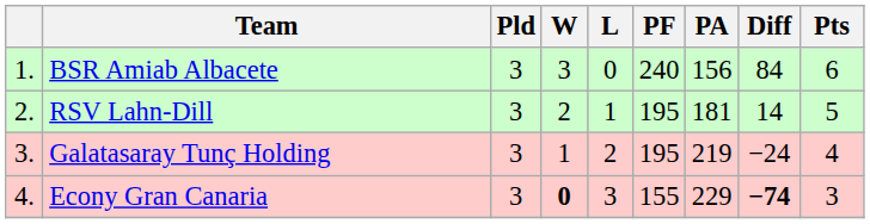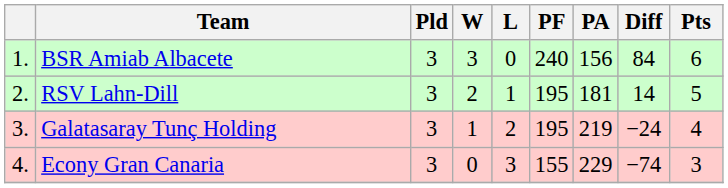 <table class=wikitable style="text-align:center">
 <tr>
 <th width=15></th>
 <th width=260>Team</th>
 <th width=20>Pld</th>
 <th width=20>W</th>
 <th width=20>L</th>
 <th width=20>PF</th>
 <th width=20>PA</th>
 <th width=30>Diff</th>
 <th width=30>Pts</th>
 </tr>
 <tr bgcolor=ccffcc>
 <td>1.</td>
 <td align=left> <a href='#'>BSR Amiab Albacete</a></td>
 <td>3</td>
 <td>3</td>
 <td>0</td>
 <td>240</td>
 <td>156</td>
 <td>84</td>
 <td>6</td>
 </tr>
 <tr bgcolor=ccffcc>
 <td>2.</td>
 <td align=left> <a href='#'>RSV Lahn-Dill</a></td>
 <td>3</td>
 <td>2</td>
 <td>1</td>
 <td>195</td>
 <td>181</td>
 <td>14</td>
 <td>5</td>
 </tr>
 <tr bgcolor=ffcccc>
 <td>3.</td>
 <td align=left> <a href='#'>Galatasaray Tunç Holding</a></td>
 <td>3</td>
 <td>1</td>
 <td>2</td>
 <td>195</td>
 <td>219</td>
 <td>−24</td>
 <td>4</td>
 </tr>
 <tr bgcolor=ffcccc>
 <td>4.</td>
 <td align=left> <a href='#'>Econy Gran Canaria</a></td>
 <td>3</td>
-<td><strong>0</strong></td>
+<td>0</td>
 <td>3</td>
 <td>155</td>
 <td>229</td>
-<td><strong>−74</strong></td>
+<td>−74</td>
 <td>3</td>
 </tr>
 <tr>
 </tr>
 </table>
